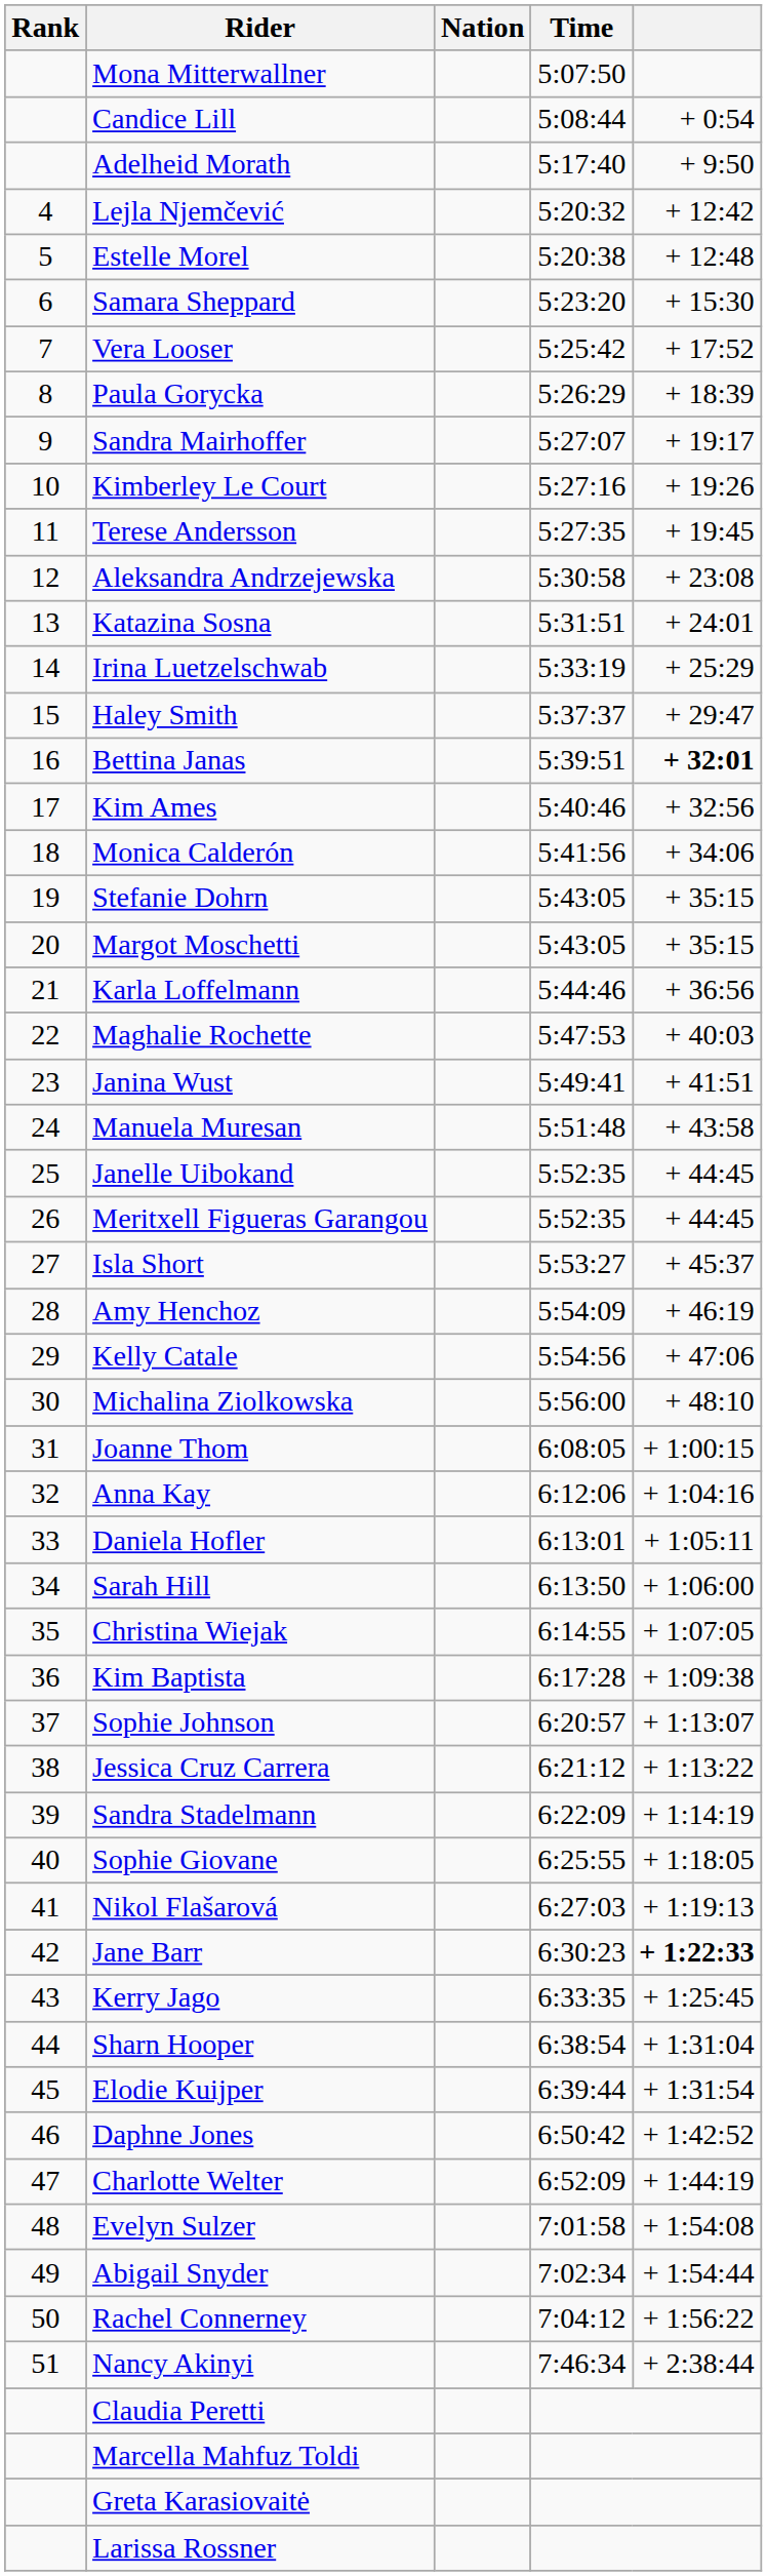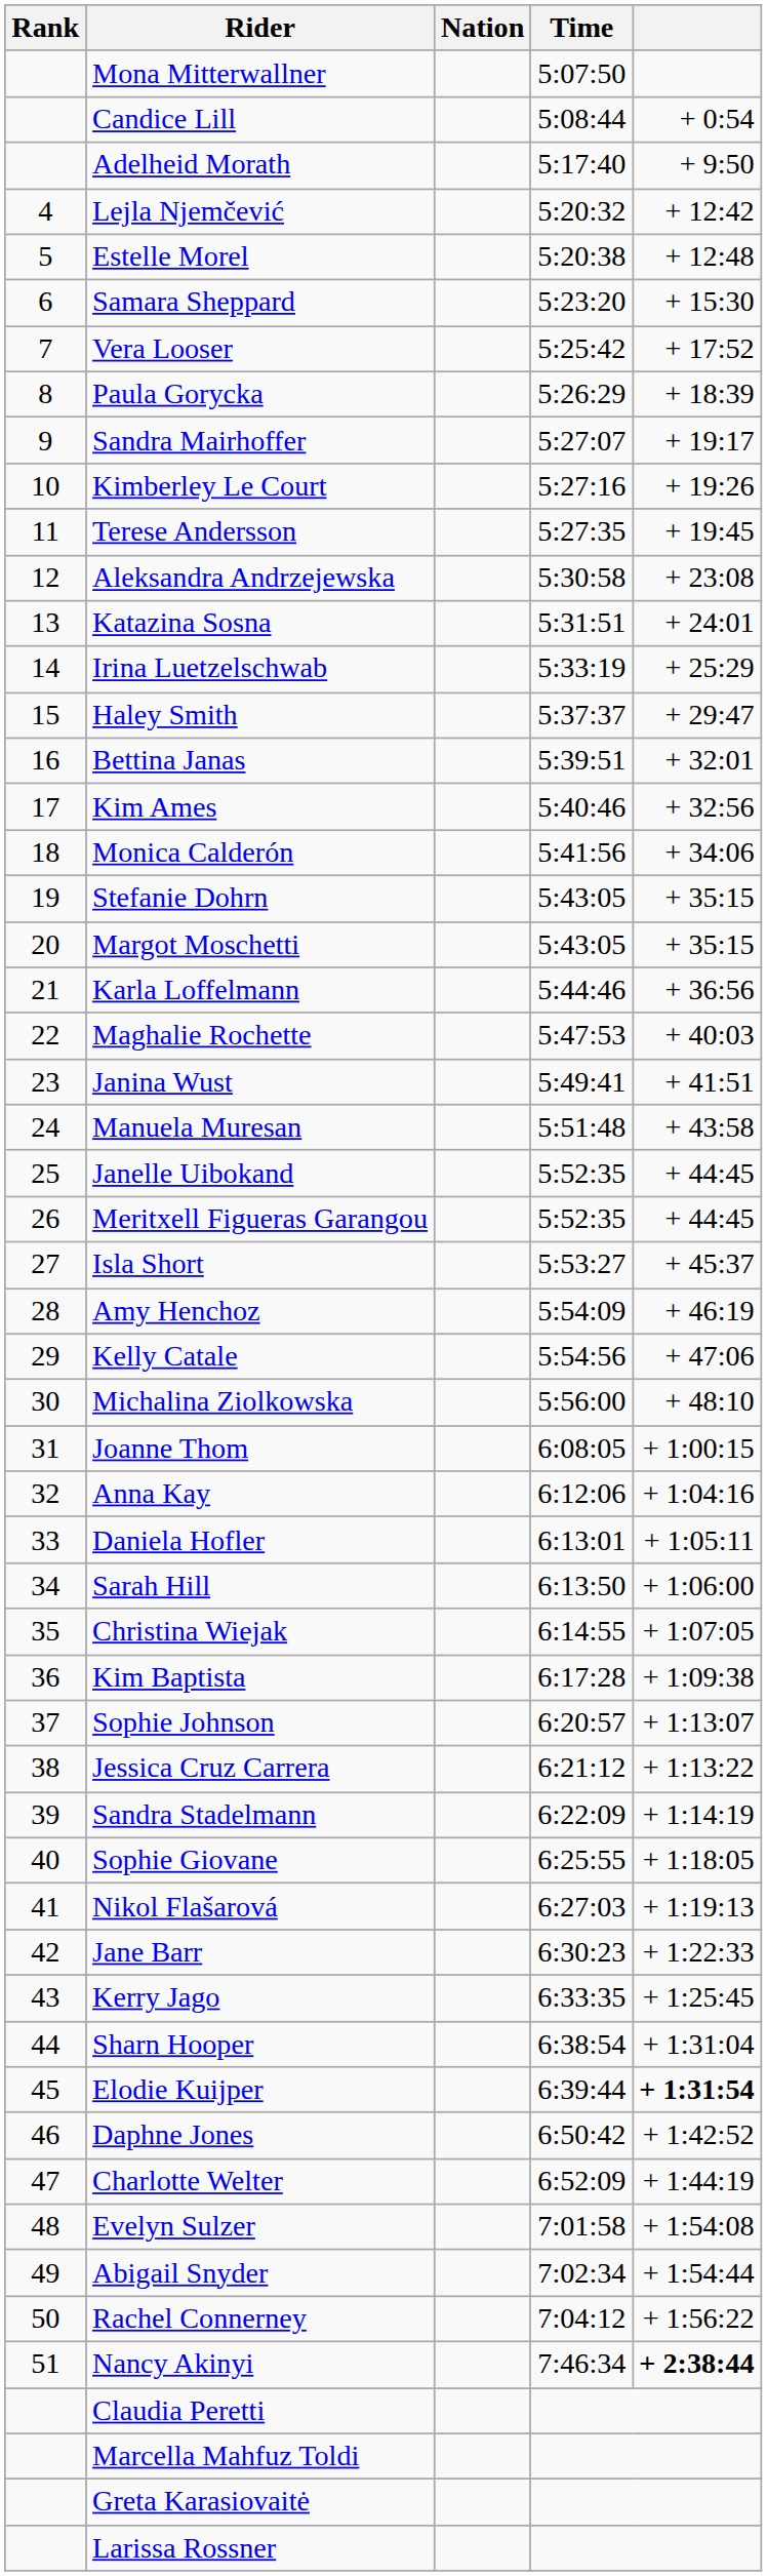 <table class="wikitable sortable" style=text-align:center;">
 <tr>
 <th scope="col">Rank</th>
 <th scope="col">Rider</th>
 <th scope="col">Nation</th>
 <th scope="col">Time</th>
 <th scope="col"></th>
 </tr>
 <tr>
 <td></td>
 <td align=left><a href='#'>Mona Mitterwallner</a></td>
 <td align=left></td>
 <td>5:07:50</td>
 <td align=right></td>
 </tr>
 <tr>
 <td></td>
 <td align=left><a href='#'>Candice Lill</a></td>
 <td align=left></td>
 <td>5:08:44</td>
 <td align=right>+  0:54</td>
 </tr>
 <tr>
 <td></td>
 <td align=left><a href='#'>Adelheid Morath</a></td>
 <td align=left></td>
 <td>5:17:40</td>
 <td align=right>+ 9:50</td>
 </tr>
 <tr>
 <td>4</td>
 <td align=left><a href='#'>Lejla Njemčević</a></td>
 <td align=left></td>
 <td>5:20:32</td>
 <td align=right>+ 12:42</td>
 </tr>
 <tr>
 <td>5</td>
 <td align=left><a href='#'>Estelle Morel</a></td>
 <td align=left></td>
 <td>5:20:38</td>
 <td align=right>+ 12:48</td>
 </tr>
 <tr>
 <td>6</td>
 <td align=left><a href='#'>Samara Sheppard</a></td>
 <td align=left></td>
 <td>5:23:20</td>
 <td align=right>+ 15:30</td>
 </tr>
 <tr>
 <td>7</td>
 <td align=left><a href='#'>Vera Looser</a></td>
 <td align=left></td>
 <td>5:25:42</td>
 <td align=right>+ 17:52</td>
 </tr>
 <tr>
 <td>8</td>
 <td align=left><a href='#'>Paula Gorycka</a></td>
 <td align=left></td>
 <td>5:26:29</td>
 <td align=right>+ 18:39</td>
 </tr>
 <tr>
 <td>9</td>
 <td align=left><a href='#'>Sandra Mairhoffer</a></td>
 <td align=left></td>
 <td>5:27:07</td>
 <td align=right>+ 19:17</td>
 </tr>
 <tr>
 <td>10</td>
 <td align=left><a href='#'>Kimberley Le Court</a></td>
 <td align=left></td>
 <td>5:27:16</td>
 <td align=right>+ 19:26</td>
 </tr>
 <tr>
 <td>11</td>
 <td align=left><a href='#'>Terese Andersson</a></td>
 <td align=left></td>
 <td>5:27:35</td>
 <td align=right>+ 19:45</td>
 </tr>
 <tr>
 <td>12</td>
 <td align=left><a href='#'>Aleksandra Andrzejewska</a></td>
 <td align=left></td>
 <td>5:30:58</td>
 <td align=right>+ 23:08</td>
 </tr>
 <tr>
 <td>13</td>
 <td align=left><a href='#'>Katazina Sosna</a></td>
 <td align=left></td>
 <td>5:31:51</td>
 <td align=right>+ 24:01</td>
 </tr>
 <tr>
 <td>14</td>
 <td align=left><a href='#'>Irina Luetzelschwab</a></td>
 <td align=left></td>
 <td>5:33:19</td>
 <td align=right>+ 25:29</td>
 </tr>
 <tr>
 <td>15</td>
 <td align=left><a href='#'>Haley Smith</a></td>
 <td align=left></td>
 <td>5:37:37</td>
 <td align=right>+ 29:47</td>
 </tr>
 <tr>
 <td>16</td>
 <td align=left><a href='#'>Bettina Janas</a></td>
 <td align=left></td>
 <td>5:39:51</td>
-<td align=right><strong>+ 32:01</strong></td>
+<td align=right>+ 32:01</td>
 </tr>
 <tr>
 <td>17</td>
 <td align=left><a href='#'>Kim Ames</a></td>
 <td align=left></td>
 <td>5:40:46</td>
 <td align=right>+ 32:56</td>
 </tr>
 <tr>
 <td>18</td>
 <td align=left><a href='#'>Monica Calderón</a></td>
 <td align=left></td>
 <td>5:41:56</td>
 <td align=right>+ 34:06</td>
 </tr>
 <tr>
 <td>19</td>
 <td align=left><a href='#'>Stefanie Dohrn</a></td>
 <td align=left></td>
 <td>5:43:05</td>
 <td align=right>+ 35:15</td>
 </tr>
 <tr>
 <td>20</td>
 <td align=left><a href='#'>Margot Moschetti</a></td>
 <td align=left></td>
 <td>5:43:05</td>
 <td align=right>+ 35:15</td>
 </tr>
 <tr>
 <td>21</td>
 <td align=left><a href='#'>Karla Loffelmann</a></td>
 <td align=left></td>
 <td>5:44:46</td>
 <td align=right>+ 36:56</td>
 </tr>
 <tr>
 <td>22</td>
 <td align=left><a href='#'>Maghalie Rochette</a></td>
 <td align=left></td>
 <td>5:47:53</td>
 <td align=right>+ 40:03</td>
 </tr>
 <tr>
 <td>23</td>
 <td align=left><a href='#'>Janina Wust</a></td>
 <td align=left></td>
 <td>5:49:41</td>
 <td align=right>+ 41:51</td>
 </tr>
 <tr>
 <td>24</td>
 <td align=left><a href='#'>Manuela Muresan</a></td>
 <td align=left></td>
 <td>5:51:48</td>
 <td align=right>+ 43:58</td>
 </tr>
 <tr>
 <td>25</td>
 <td align=left><a href='#'>Janelle Uibokand</a></td>
 <td align=left></td>
 <td>5:52:35</td>
 <td align=right>+ 44:45</td>
 </tr>
 <tr>
 <td>26</td>
 <td align=left><a href='#'>Meritxell Figueras Garangou</a></td>
 <td align=left></td>
 <td>5:52:35</td>
 <td align=right>+ 44:45</td>
 </tr>
 <tr>
 <td>27</td>
 <td align=left><a href='#'>Isla Short</a></td>
 <td align=left></td>
 <td>5:53:27</td>
 <td align=right>+ 45:37</td>
 </tr>
 <tr>
 <td>28</td>
 <td align=left><a href='#'>Amy Henchoz</a></td>
 <td align=left></td>
 <td>5:54:09</td>
 <td align=right>+ 46:19</td>
 </tr>
 <tr>
 <td>29</td>
 <td align=left><a href='#'>Kelly Catale</a></td>
 <td align=left></td>
 <td>5:54:56</td>
 <td align=right>+ 47:06</td>
 </tr>
 <tr>
 <td>30</td>
 <td align=left><a href='#'>Michalina Ziolkowska</a></td>
 <td align=left></td>
 <td>5:56:00</td>
 <td align=right>+ 48:10</td>
 </tr>
 <tr>
 <td>31</td>
 <td align=left><a href='#'>Joanne Thom</a></td>
 <td align=left></td>
 <td>6:08:05</td>
 <td align=right>+ 1:00:15</td>
 </tr>
 <tr>
 <td>32</td>
 <td align=left><a href='#'>Anna Kay</a></td>
 <td align=left></td>
 <td>6:12:06</td>
 <td align=right>+ 1:04:16</td>
 </tr>
 <tr>
 <td>33</td>
 <td align=left><a href='#'>Daniela Hofler</a></td>
 <td align=left></td>
 <td>6:13:01</td>
 <td align=right>+ 1:05:11</td>
 </tr>
 <tr>
 <td>34</td>
 <td align=left><a href='#'>Sarah Hill</a></td>
 <td align=left></td>
 <td>6:13:50</td>
 <td align=right>+ 1:06:00</td>
 </tr>
 <tr>
 <td>35</td>
 <td align=left><a href='#'>Christina Wiejak</a></td>
 <td align=left></td>
 <td>6:14:55</td>
 <td align=right>+ 1:07:05</td>
 </tr>
 <tr>
 <td>36</td>
 <td align=left><a href='#'>Kim Baptista</a></td>
 <td align=left></td>
 <td>6:17:28</td>
 <td align=right>+ 1:09:38</td>
 </tr>
 <tr>
 <td>37</td>
 <td align=left><a href='#'>Sophie Johnson</a></td>
 <td align=left></td>
 <td>6:20:57</td>
 <td align=right>+ 1:13:07</td>
 </tr>
 <tr>
 <td>38</td>
 <td align=left><a href='#'>Jessica Cruz Carrera</a></td>
 <td align=left></td>
 <td>6:21:12</td>
 <td align=right>+ 1:13:22</td>
 </tr>
 <tr>
 <td>39</td>
 <td align=left><a href='#'>Sandra Stadelmann</a></td>
 <td align=left></td>
 <td>6:22:09</td>
 <td align=right>+ 1:14:19</td>
 </tr>
 <tr>
 <td>40</td>
 <td align=left><a href='#'>Sophie Giovane</a></td>
 <td align=left></td>
 <td>6:25:55</td>
 <td align=right>+ 1:18:05</td>
 </tr>
 <tr>
 <td>41</td>
 <td align=left><a href='#'>Nikol Flašarová</a></td>
 <td align=left></td>
 <td>6:27:03</td>
 <td align=right>+ 1:19:13</td>
 </tr>
 <tr>
 <td>42</td>
 <td align=left><a href='#'>Jane Barr</a></td>
 <td align=left></td>
 <td>6:30:23</td>
-<td align=right><strong>+ 1:22:33</strong></td>
+<td align=right>+ 1:22:33</td>
 </tr>
 <tr>
 <td>43</td>
 <td align=left><a href='#'>Kerry Jago</a></td>
 <td align=left></td>
 <td>6:33:35</td>
 <td align=right>+ 1:25:45</td>
 </tr>
 <tr>
 <td>44</td>
 <td align=left><a href='#'>Sharn Hooper</a></td>
 <td align=left></td>
 <td>6:38:54</td>
 <td align=right>+ 1:31:04</td>
 </tr>
 <tr>
 <td>45</td>
 <td align=left><a href='#'>Elodie Kuijper</a></td>
 <td align=left></td>
 <td>6:39:44</td>
-<td align=right>+ 1:31:54</td>
+<td align=right><strong>+ 1:31:54</strong></td>
 </tr>
 <tr>
 <td>46</td>
 <td align=left><a href='#'>Daphne Jones</a></td>
 <td align=left></td>
 <td>6:50:42</td>
 <td align=right>+ 1:42:52</td>
 </tr>
 <tr>
 <td>47</td>
 <td align=left><a href='#'>Charlotte Welter</a></td>
 <td align=left></td>
 <td>6:52:09</td>
 <td align=right>+ 1:44:19</td>
 </tr>
 <tr>
 <td>48</td>
 <td align=left><a href='#'>Evelyn Sulzer</a></td>
 <td align=left></td>
 <td>7:01:58</td>
 <td align=right>+ 1:54:08</td>
 </tr>
 <tr>
 <td>49</td>
 <td align=left><a href='#'>Abigail Snyder</a></td>
 <td align=left></td>
 <td>7:02:34</td>
 <td align=right>+ 1:54:44</td>
 </tr>
 <tr>
 <td>50</td>
 <td align=left><a href='#'>Rachel Connerney</a></td>
 <td align=left></td>
 <td>7:04:12</td>
 <td align=right>+ 1:56:22</td>
 </tr>
 <tr>
 <td>51</td>
 <td align=left><a href='#'>Nancy Akinyi</a></td>
 <td align=left></td>
 <td>7:46:34</td>
-<td align=right>+ 2:38:44</td>
+<td align=right><strong>+ 2:38:44</strong></td>
 </tr>
 <tr>
 <td></td>
 <td align=left><a href='#'>Claudia Peretti</a></td>
 <td align=left></td>
 <td colspan="2"></td>
 </tr>
 <tr>
 <td></td>
 <td align=left><a href='#'>Marcella Mahfuz Toldi</a></td>
 <td align=left></td>
 <td colspan="2"></td>
 </tr>
 <tr>
 <td></td>
 <td align=left><a href='#'>Greta Karasiovaitė</a></td>
 <td align=left></td>
 <td colspan="2"></td>
 </tr>
 <tr>
 <td></td>
 <td align=left><a href='#'>Larissa Rossner</a></td>
 <td align=left></td>
 <td colspan="2"></td>
 </tr>
 </table>
